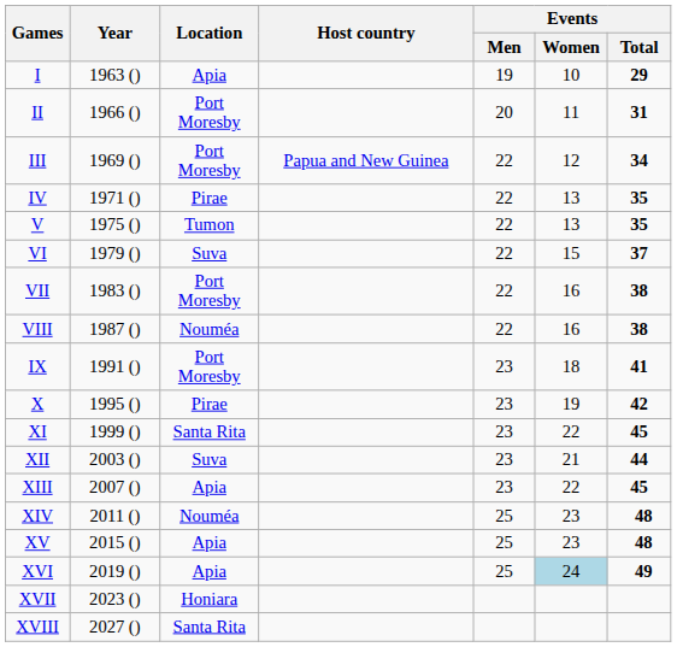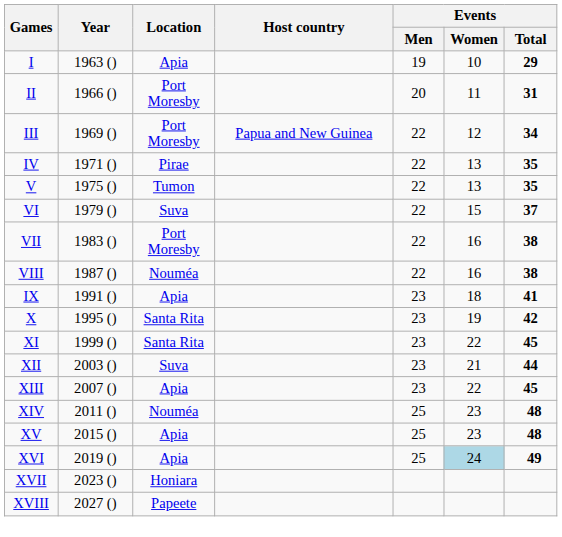 <table class=wikitable style="text-align:center">
 <tr>
 <th rowspan="2" scope="col" style="width:4em; padding:1px;">Games</th>
 <th rowspan="2" scope="col" style="width:7.7em; padding:1px;">Year</th>
 <th rowspan="2" scope="col" style="width:7em; padding:1px;">Location</th>
 <th rowspan="2" scope="col" style="width:14.5em; padding:1px;">Host country</th>
 <th colspan="3">Events</th>
 </tr>
 <tr>
 <th style="width:4.1em;">Men</th>
 <th style="width:4.1em;">Women</th>
 <th style="width:4.1em;">Total</th>
 </tr>
 <tr>
 <td><a href='#'>I</a></td>
 <td>1963 ()</td>
 <td><a href='#'>Apia</a></td>
 <td align=left></td>
 <td>19</td>
 <td>10</td>
 <td><strong>29</strong></td>
 </tr>
 <tr>
 <td><a href='#'>II</a></td>
 <td>1966 ()</td>
 <td><a href='#'>Port Moresby</a></td>
 <td align=left></td>
 <td>20</td>
 <td>11</td>
 <td><strong>31</strong></td>
 </tr>
 <tr>
 <td><a href='#'>III</a></td>
 <td>1969 ()</td>
 <td><a href='#'>Port Moresby</a></td>
 <td style="align:left;white-space:nowrap;"> <a href='#'>Papua and New Guinea</a></td>
 <td>22</td>
 <td>12</td>
 <td><strong>34</strong></td>
 </tr>
 <tr>
 <td><a href='#'>IV</a></td>
 <td>1971 ()</td>
 <td><a href='#'>Pirae</a></td>
 <td align=left></td>
 <td>22</td>
 <td>13</td>
 <td><strong>35</strong></td>
 </tr>
 <tr>
 <td><a href='#'>V</a></td>
 <td>1975 ()</td>
 <td><a href='#'>Tumon</a></td>
 <td align=left></td>
 <td>22</td>
 <td>13</td>
 <td><strong>35</strong></td>
 </tr>
 <tr>
 <td><a href='#'>VI</a></td>
 <td>1979 ()</td>
 <td><a href='#'>Suva</a></td>
 <td align=left></td>
 <td>22</td>
 <td>15</td>
 <td><strong>37</strong></td>
 </tr>
 <tr>
 <td><a href='#'>VII</a></td>
 <td>1983 ()</td>
 <td><a href='#'>Port Moresby</a></td>
 <td align=left></td>
 <td>22</td>
 <td>16</td>
 <td><strong>38</strong></td>
 </tr>
 <tr>
 <td><a href='#'>VIII</a></td>
 <td>1987 ()</td>
 <td><a href='#'>Nouméa</a></td>
 <td align=left></td>
 <td>22</td>
 <td>16</td>
 <td><strong>38</strong></td>
 </tr>
 <tr>
 <td><a href='#'>IX</a></td>
 <td>1991 ()</td>
-<td><a href='#'>Port Moresby</a></td>
+<td><a href='#'>Apia</a></td>
 <td align=left></td>
 <td>23</td>
 <td>18</td>
 <td><strong>41</strong></td>
 </tr>
 <tr>
 <td><a href='#'>X</a></td>
 <td>1995 ()</td>
-<td><a href='#'>Pirae</a></td>
+<td><a href='#'>Santa Rita</a></td>
 <td align=left></td>
 <td>23</td>
 <td>19</td>
 <td><strong>42</strong></td>
 </tr>
 <tr>
 <td><a href='#'>XI</a></td>
 <td>1999 ()</td>
 <td><a href='#'>Santa Rita</a></td>
 <td align=left></td>
 <td>23</td>
 <td>22</td>
 <td><strong>45</strong></td>
 </tr>
 <tr>
 <td><a href='#'>XII</a></td>
 <td>2003 ()</td>
 <td><a href='#'>Suva</a></td>
 <td align=left></td>
 <td>23</td>
 <td>21</td>
 <td><strong>44</strong></td>
 </tr>
 <tr>
 <td><a href='#'>XIII</a></td>
 <td>2007 ()</td>
 <td><a href='#'>Apia</a></td>
 <td align=left></td>
 <td>23</td>
 <td>22</td>
 <td><strong>45</strong></td>
 </tr>
 <tr>
 <td><a href='#'>XIV</a></td>
 <td>2011 ()</td>
 <td><a href='#'>Nouméa</a></td>
 <td align=left></td>
 <td>25</td>
 <td>23</td>
 <td>  <strong>48</strong> </td>
 </tr>
 <tr>
 <td><a href='#'>XV</a></td>
 <td>2015 ()</td>
 <td><a href='#'>Apia</a></td>
 <td align=left></td>
 <td>25</td>
 <td>23</td>
 <td>  <strong>48</strong> </td>
 </tr>
 <tr>
 <td><a href='#'>XVI</a></td>
 <td>2019 ()</td>
 <td><a href='#'>Apia</a></td>
 <td align=left></td>
 <td>25</td>
 <td style="background: lightblue;">24</td>
 <td>  <strong>49</strong> </td>
 </tr>
 <tr>
 <td><a href='#'>XVII</a></td>
 <td>2023 ()</td>
 <td><a href='#'>Honiara</a></td>
 <td align=left></td>
 <td></td>
 <td></td>
 <td></td>
 </tr>
 <tr>
 <td><a href='#'>XVIII</a></td>
 <td>2027 ()</td>
-<td><a href='#'>Santa Rita</a></td>
+<td><a href='#'>Papeete</a></td>
 <td align=left></td>
 <td></td>
 <td></td>
 <td></td>
 </tr>
 </table>
